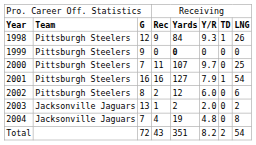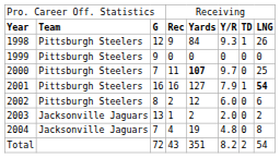 <table class="wikitable" border=0 style="background: #FFFFFF;">
 <tr>
 <td colspan=3>Pro. Career Off. Statistics</td>
 <td colspan=5 align="center">Receiving</td>
 </tr>
 <tr>
 <td><strong>Year</strong></td>
 <td><strong>Team</strong></td>
 <td><strong>G</strong></td>
 <td><strong>Rec</strong></td>
 <td><strong>Yards</strong></td>
 <td><strong>Y/R</strong></td>
 <td><strong>TD</strong></td>
 <td><strong>LNG</strong></td>
 </tr>
 <tr>
 <td>1998</td>
 <td>Pittsburgh Steelers</td>
 <td>12</td>
 <td>9</td>
 <td>84</td>
 <td>9.3</td>
 <td>1</td>
 <td>26</td>
 </tr>
 <tr>
 <td>1999</td>
 <td>Pittsburgh Steelers</td>
 <td>9</td>
 <td>0</td>
-<td><strong>0</strong></td>
+<td>0</td>
 <td>0</td>
 <td>0</td>
 <td>0</td>
 </tr>
 <tr>
 <td>2000</td>
 <td>Pittsburgh Steelers</td>
 <td>7</td>
 <td>11</td>
-<td>107</td>
+<td><strong>107</strong></td>
 <td>9.7</td>
 <td>0</td>
 <td>25</td>
 </tr>
 <tr>
 <td>2001</td>
 <td>Pittsburgh Steelers</td>
 <td>16</td>
 <td>16</td>
 <td>127</td>
 <td>7.9</td>
 <td>1</td>
-<td>54</td>
+<td><strong>54</strong></td>
 </tr>
 <tr>
 <td>2002</td>
 <td>Pittsburgh Steelers</td>
 <td>8</td>
 <td>2</td>
 <td>12</td>
 <td>6.0</td>
 <td>0</td>
 <td>6</td>
 </tr>
 <tr>
 <td>2003</td>
 <td>Jacksonville Jaguars</td>
 <td>13</td>
 <td>1</td>
 <td>2</td>
 <td>2.0</td>
 <td>0</td>
 <td>2</td>
 </tr>
 <tr>
 <td>2004</td>
 <td>Jacksonville Jaguars</td>
 <td>7</td>
 <td>4</td>
 <td>19</td>
 <td>4.8</td>
 <td>0</td>
 <td>8</td>
 </tr>
 <tr>
 <td>Total</td>
 <td></td>
 <td>72</td>
 <td>43</td>
 <td>351</td>
 <td>8.2</td>
 <td>2</td>
 <td>54</td>
 </tr>
 </table>
